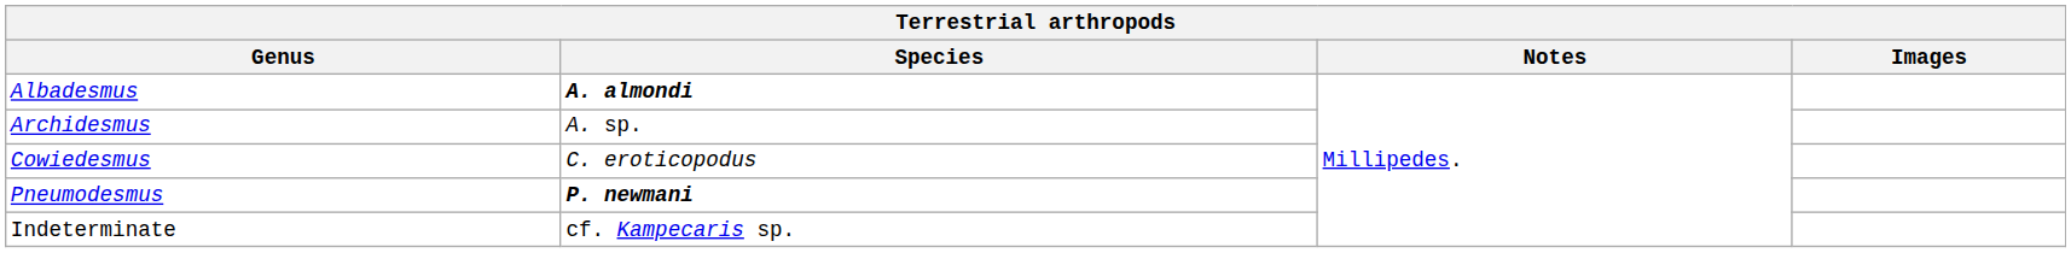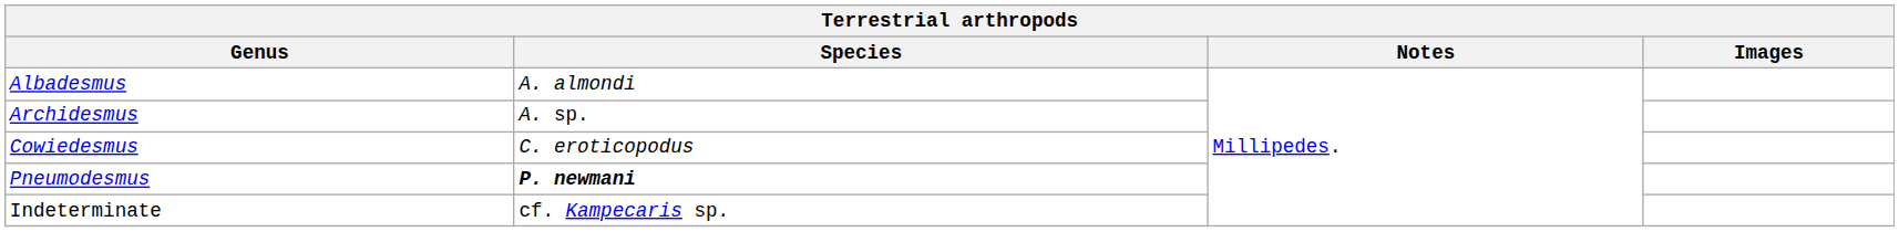 <table class="wikitable sortable" style="background:white; width:100%;">
 <tr>
 <th colspan="4" align="center">Terrestrial arthropods</th>
 </tr>
 <tr>
 <th>Genus</th>
 <th>Species</th>
 <th>Notes</th>
 <th>Images</th>
 </tr>
 <tr>
 <td><em><a href='#'>Albadesmus</a></em></td>
-<td><strong><em>A. almondi</em></strong></td>
+<td><em>A. almondi</em></td>
 <td rowspan="5"><a href='#'>Millipedes</a>.</td>
 <td></td>
 </tr>
 <tr>
 <td><em><a href='#'>Archidesmus</a></em></td>
 <td><em>A. </em>sp.</td>
 <td></td>
 </tr>
 <tr>
 <td><em><a href='#'>Cowiedesmus</a></em></td>
 <td><em>C. eroticopodus</em></td>
 <td></td>
 </tr>
 <tr>
 <td><em><a href='#'>Pneumodesmus</a></em></td>
 <td><strong><em>P. newmani</em></strong></td>
 <td></td>
 </tr>
 <tr>
 <td>Indeterminate</td>
 <td>cf. <em><a href='#'>Kampecaris</a></em> sp.</td>
 <td></td>
 </tr>
 </table>
